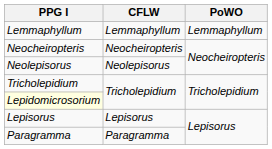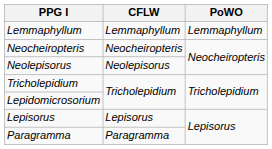 <table class="wikitable">
 <tr>
 <th>PPG I</th>
 <th>CFLW</th>
 <th>PoWO</th>
 </tr>
 <tr>
 <td><em>Lemmaphyllum</em></td>
 <td><em>Lemmaphyllum</em></td>
 <td><em>Lemmaphyllum</em></td>
 </tr>
 <tr>
 <td><em>Neocheiropteris</em></td>
 <td><em>Neocheiropteris</em></td>
 <td rowspan=2><em>Neocheiropteris</em></td>
 </tr>
 <tr>
 <td><em>Neolepisorus</em></td>
 <td><em>Neolepisorus</em></td>
 </tr>
 <tr>
 <td><em>Tricholepidium</em></td>
 <td rowspan=2><em>Tricholepidium</em></td>
 <td rowspan=2><em>Tricholepidium</em></td>
 </tr>
 <tr>
-<td style="background: lightyellow;"><em>Lepidomicrosorium</em></td>
+<td><em>Lepidomicrosorium</em></td>
 </tr>
 <tr>
 <td><em>Lepisorus</em></td>
 <td><em>Lepisorus</em></td>
 <td rowspan=2><em>Lepisorus</em></td>
 </tr>
 <tr>
 <td><em>Paragramma</em></td>
 <td><em>Paragramma</em></td>
 </tr>
 </table>
